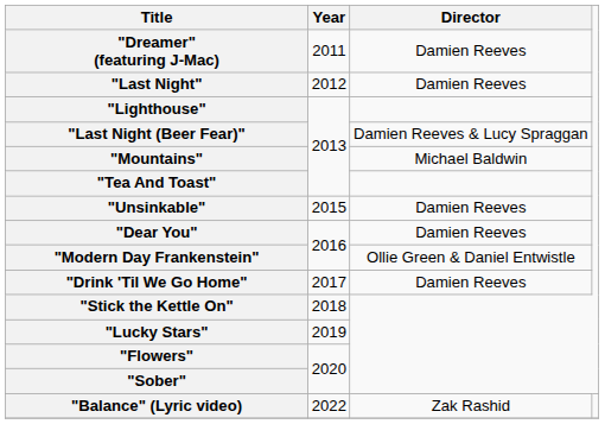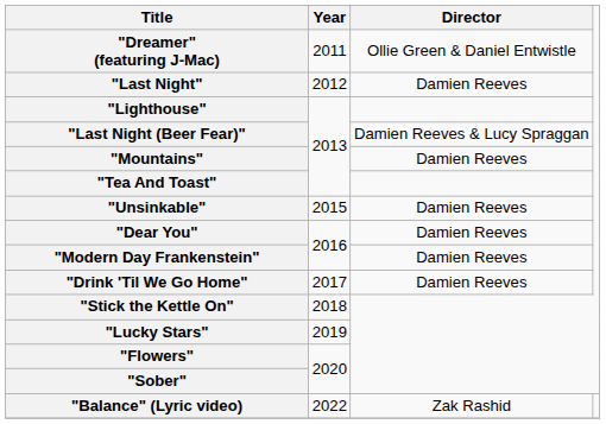 <table class="wikitable plainrowheaders" style="text-align:center;">
 <tr>
 <th scope="col" style="width:19em;">Title</th>
 <th scope="col" style="width:1em;">Year</th>
 <th scope="col">Director</th>
 </tr>
 <tr>
 <th scope="row">"Dreamer"<br><span>(featuring J-Mac)</span></th>
 <td>2011</td>
-<td>Damien Reeves</td>
+<td>Ollie Green & Daniel Entwistle</td>
 </tr>
 <tr>
 <th scope="row">"Last Night"</th>
 <td>2012</td>
 <td>Damien Reeves</td>
 </tr>
 <tr>
 <th scope="row">"Lighthouse"</th>
 <td rowspan="4">2013</td>
 <td></td>
 </tr>
 <tr>
 <th scope="row">"Last Night (Beer Fear)"</th>
 <td>Damien Reeves & Lucy Spraggan</td>
 </tr>
 <tr>
 <th scope="row">"Mountains"</th>
-<td>Michael Baldwin</td>
+<td>Damien Reeves</td>
 </tr>
 <tr>
 <th scope="row">"Tea And Toast"</th>
 <td></td>
 </tr>
 <tr>
 <th scope="row">"Unsinkable"</th>
 <td>2015</td>
 <td>Damien Reeves</td>
 </tr>
 <tr>
 <th scope="row">"Dear You"</th>
 <td rowspan="2">2016</td>
 <td>Damien Reeves</td>
 </tr>
 <tr>
 <th scope="row">"Modern Day Frankenstein"</th>
-<td>Ollie Green & Daniel Entwistle</td>
+<td>Damien Reeves</td>
 </tr>
 <tr>
 <th scope="row">"Drink 'Til We Go Home"</th>
 <td>2017</td>
 <td>Damien Reeves</td>
 </tr>
 <tr>
 <th scope="row">"Stick the Kettle On"</th>
 <td>2018</td>
 </tr>
 <tr>
 <th scope="row">"Lucky Stars"</th>
 <td>2019</td>
 </tr>
 <tr>
 <th scope="row">"Flowers"</th>
 <td rowspan="2">2020</td>
 </tr>
 <tr>
 <th scope="row">"Sober"</th>
 </tr>
 <tr>
 <th scope="row">"Balance" (Lyric video)</th>
 <td>2022</td>
 <td>Zak Rashid</td>
 <td></td>
 </tr>
 <tr>
 </tr>
 </table>
